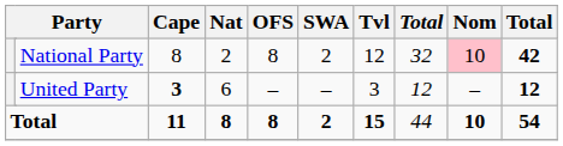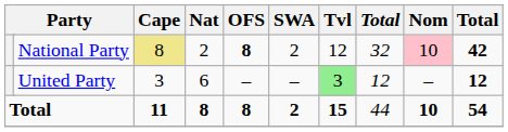 <table class="wikitable">
 <tr>
 <th colspan=3><strong>Party</strong></th>
 <th>Cape</th>
 <th>Nat</th>
 <th>OFS</th>
 <th>SWA</th>
 <th>Tvl</th>
 <th><em>Total</em></th>
 <th>Nom</th>
 <th><strong>Total</strong></th>
 </tr>
 <tr>
 <th colspan=2 style="background-color: "></th>
 <td><a href='#'>National Party</a></td>
-<td align=center>8</td>
+<td align=center style="background: khaki;">8</td>
 <td align=center>2</td>
-<td align=center>8</td>
+<td align=center><strong>8</strong></td>
 <td align=center>2</td>
 <td align=center>12</td>
 <td align=center><em>32</em></td>
 <td align=center style="background: pink;">10</td>
 <td align=center><strong>42</strong></td>
 </tr>
 <tr>
 <th colspan=2 style="background-color: "></th>
 <td><a href='#'>United Party</a></td>
-<td align=center><strong>3</strong></td>
+<td align=center>3</td>
 <td align=center>6</td>
 <td align=center>–</td>
 <td align=center>–</td>
-<td align=center>3</td>
+<td align=center style="background: lightgreen;">3</td>
 <td align=center><em>12</em></td>
 <td align=center>–</td>
 <td align=center><strong>12</strong></td>
 </tr>
 <tr>
 <td colspan=3><strong>Total</strong></td>
 <td align=center><strong>11</strong></td>
 <td align=center><strong>8</strong></td>
 <td align=center><strong>8</strong></td>
 <td align=center><strong>2</strong></td>
 <td align=center><strong>15</strong></td>
 <td align=center><em>44</em></td>
 <td align=center><strong>10</strong></td>
 <td align=center><strong>54</strong></td>
 </tr>
 <tr>
 </tr>
 </table>
